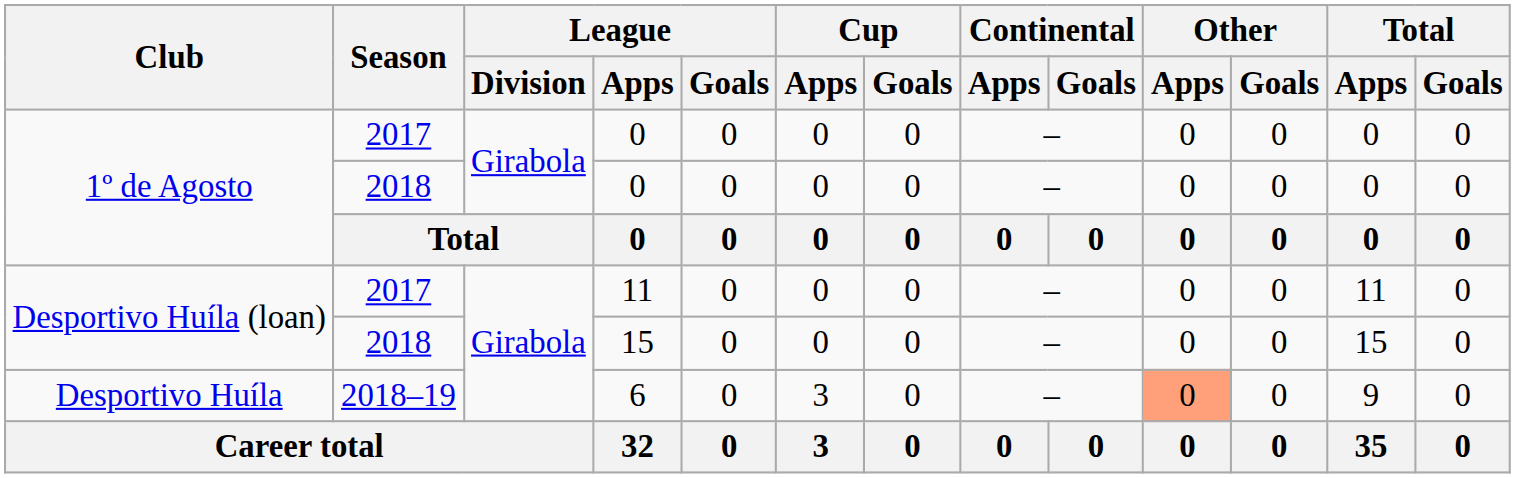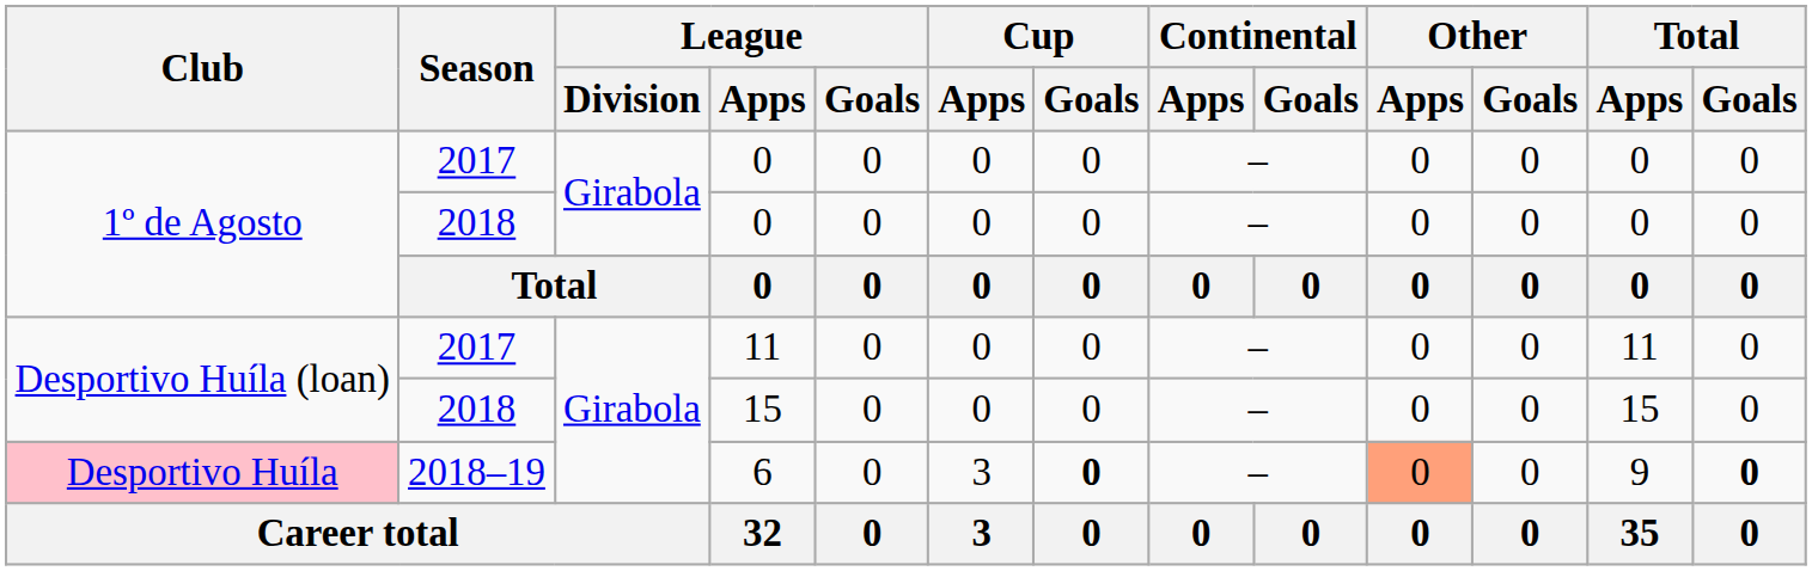 <table class="wikitable" style="text-align: center">
 <tr>
 <th rowspan="2">Club</th>
 <th rowspan="2">Season</th>
 <th colspan="3">League</th>
 <th colspan="2">Cup</th>
 <th colspan="2">Continental</th>
 <th colspan="2">Other</th>
 <th colspan="2">Total</th>
 </tr>
 <tr>
 <th>Division</th>
 <th>Apps</th>
 <th>Goals</th>
 <th>Apps</th>
 <th>Goals</th>
 <th>Apps</th>
 <th>Goals</th>
 <th>Apps</th>
 <th>Goals</th>
 <th>Apps</th>
 <th>Goals</th>
 </tr>
 <tr>
 <td rowspan="3"><a href='#'>1º de Agosto</a></td>
 <td><a href='#'>2017</a></td>
 <td rowspan="2"><a href='#'>Girabola</a></td>
 <td>0</td>
 <td>0</td>
 <td>0</td>
 <td>0</td>
 <td colspan="2">–</td>
 <td>0</td>
 <td>0</td>
 <td>0</td>
 <td>0</td>
 </tr>
 <tr>
 <td><a href='#'>2018</a></td>
 <td>0</td>
 <td>0</td>
 <td>0</td>
 <td>0</td>
 <td colspan="2">–</td>
 <td>0</td>
 <td>0</td>
 <td>0</td>
 <td>0</td>
 </tr>
 <tr>
 <th colspan="2"><strong>Total</strong></th>
 <th>0</th>
 <th>0</th>
 <th>0</th>
 <th>0</th>
 <th>0</th>
 <th>0</th>
 <th>0</th>
 <th>0</th>
 <th>0</th>
 <th>0</th>
 </tr>
 <tr>
 <td rowspan="2"><a href='#'>Desportivo Huíla</a> (loan)</td>
 <td><a href='#'>2017</a></td>
 <td rowspan="3"><a href='#'>Girabola</a></td>
 <td>11</td>
 <td>0</td>
 <td>0</td>
 <td>0</td>
 <td colspan="2">–</td>
 <td>0</td>
 <td>0</td>
 <td>11</td>
 <td>0</td>
 </tr>
 <tr>
 <td><a href='#'>2018</a></td>
 <td>15</td>
 <td>0</td>
 <td>0</td>
 <td>0</td>
 <td colspan="2">–</td>
 <td>0</td>
 <td>0</td>
 <td>15</td>
 <td>0</td>
 </tr>
 <tr>
-<td><a href='#'>Desportivo Huíla</a></td>
+<td style="background: pink;"><a href='#'>Desportivo Huíla</a></td>
 <td><a href='#'>2018–19</a></td>
 <td>6</td>
 <td>0</td>
 <td>3</td>
-<td>0</td>
+<td><strong>0</strong></td>
 <td colspan="2">–</td>
 <td style="background: lightsalmon;">0</td>
 <td>0</td>
 <td>9</td>
-<td>0</td>
+<td><strong>0</strong></td>
 </tr>
 <tr>
 <th colspan="3"><strong>Career total</strong></th>
 <th>32</th>
 <th>0</th>
 <th>3</th>
 <th>0</th>
 <th>0</th>
 <th>0</th>
 <th>0</th>
 <th>0</th>
 <th>35</th>
 <th>0</th>
 </tr>
 </table>
